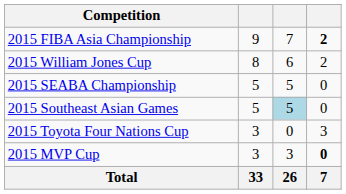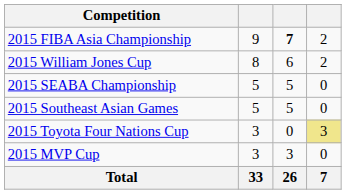 <table class="wikitable" style="text-align: center;">
 <tr>
 <th width=250>Competition</th>
 <th width=30></th>
 <th width=30></th>
 <th width=30></th>
 </tr>
 <tr>
 <td align="left"><a href='#'>2015 FIBA Asia Championship</a></td>
 <td>9</td>
-<td>7</td>
-<td><strong>2</strong></td>
+<td><strong>7</strong></td>
+<td>2</td>
 </tr>
 <tr>
 <td align="left"><a href='#'>2015 William Jones Cup</a></td>
 <td>8</td>
 <td>6</td>
 <td>2</td>
 </tr>
 <tr>
 <td align="left"><a href='#'>2015 SEABA Championship</a></td>
 <td>5</td>
 <td>5</td>
 <td>0</td>
 </tr>
 <tr>
 <td align="left"><a href='#'>2015 Southeast Asian Games</a></td>
 <td>5</td>
-<td style="background: lightblue;">5</td>
+<td>5</td>
 <td>0</td>
 </tr>
 <tr>
 <td align="left"><a href='#'>2015 Toyota Four Nations Cup</a></td>
 <td>3</td>
 <td>0</td>
-<td>3</td>
+<td style="background: khaki;">3</td>
 </tr>
 <tr>
 <td align="left"><a href='#'>2015 MVP Cup</a></td>
 <td>3</td>
 <td>3</td>
-<td><strong>0</strong></td>
+<td>0</td>
 </tr>
 <tr>
 <th>Total</th>
 <th>33</th>
 <th>26</th>
 <th>7</th>
 </tr>
 </table>
